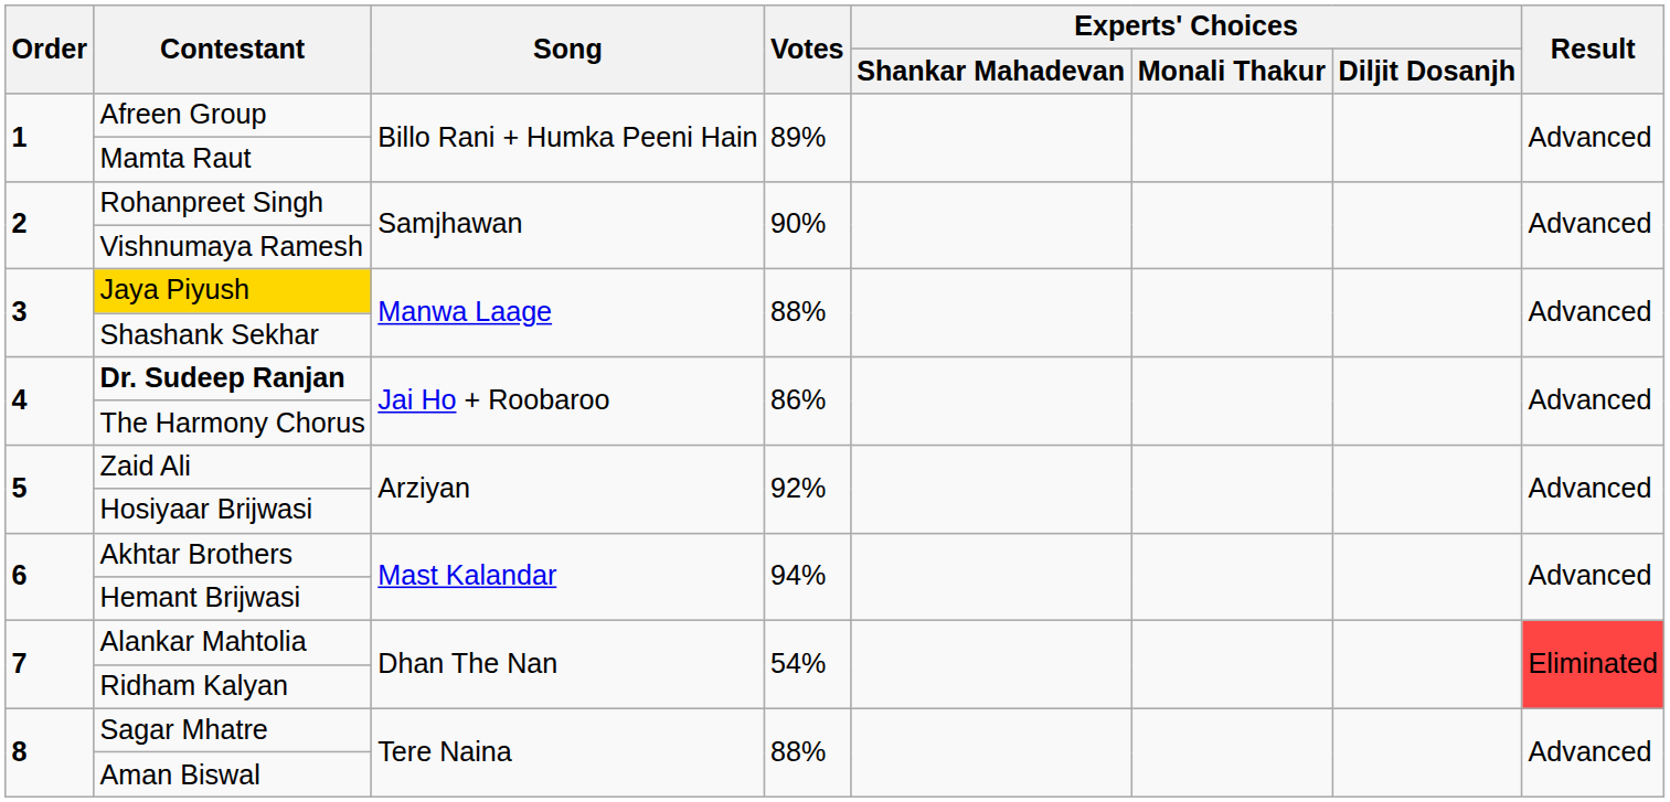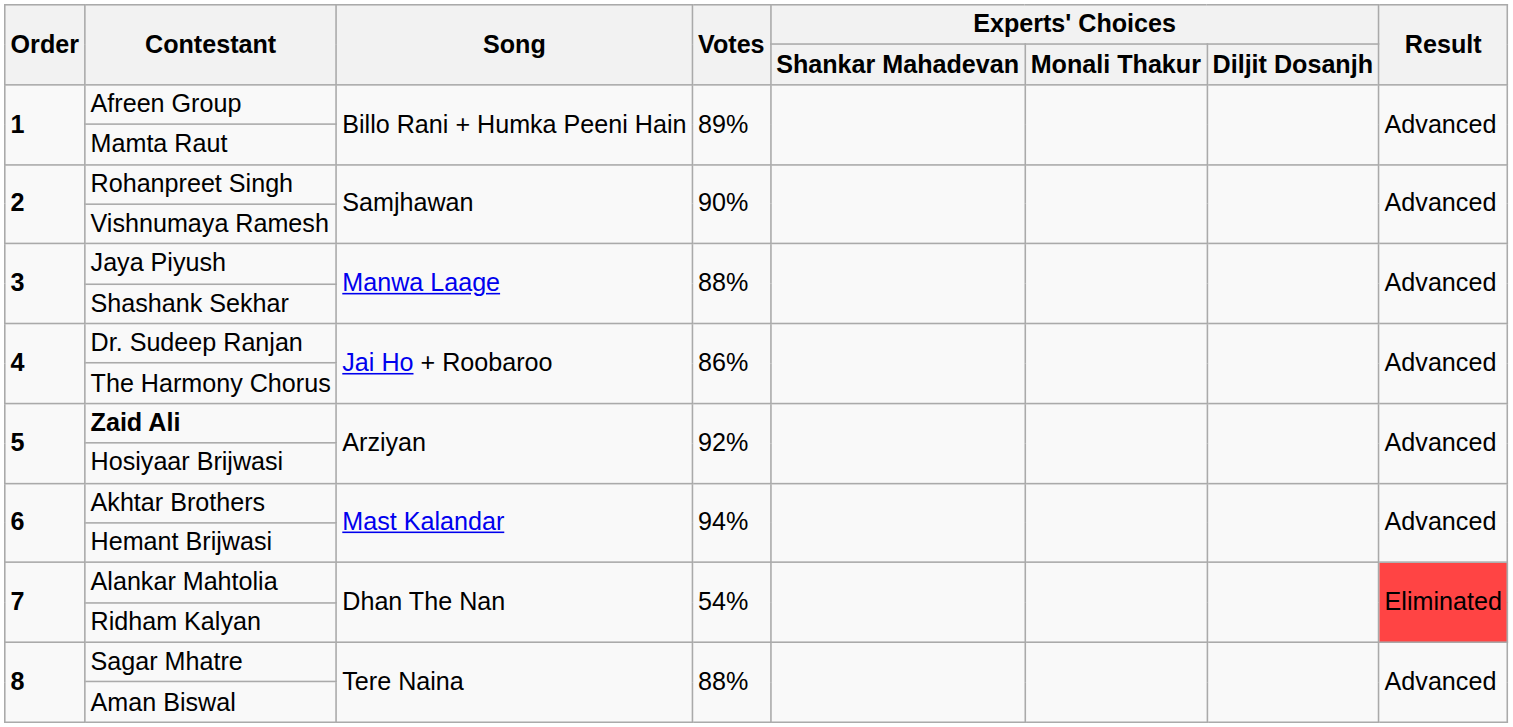 <table class="wikitable sortable mw-collapsible">
 <tr>
 <th rowspan="2">Order</th>
 <th rowspan="2">Contestant</th>
 <th rowspan="2">Song</th>
 <th rowspan="2">Votes</th>
 <th colspan="3">Experts' Choices</th>
 <th rowspan="2">Result</th>
 </tr>
 <tr>
 <th>Shankar Mahadevan</th>
 <th>Monali Thakur</th>
 <th>Diljit Dosanjh</th>
 </tr>
 <tr>
 <td rowspan=2><strong>1</strong></td>
 <td>Afreen Group</td>
 <td rowspan=2>Billo Rani + Humka Peeni Hain</td>
 <td rowspan=2>89%</td>
 <td rowspan=2></td>
 <td rowspan=2></td>
 <td rowspan=2></td>
 <td rowspan=2>Advanced</td>
 </tr>
 <tr>
 <td>Mamta Raut</td>
 </tr>
 <tr>
 <td rowspan=2><strong>2</strong></td>
 <td>Rohanpreet Singh</td>
 <td rowspan=2>Samjhawan</td>
 <td rowspan=2>90%</td>
 <td rowspan=2></td>
 <td rowspan=2></td>
 <td rowspan=2></td>
 <td rowspan=2>Advanced</td>
 </tr>
 <tr>
 <td>Vishnumaya Ramesh</td>
 </tr>
 <tr>
 <td rowspan=2><strong>3</strong></td>
-<td style="background: gold;">Jaya Piyush</td>
+<td>Jaya Piyush</td>
 <td rowspan=2><a href='#'>Manwa Laage</a></td>
 <td rowspan=2>88%</td>
 <td rowspan=2></td>
 <td rowspan=2></td>
 <td rowspan=2></td>
 <td rowspan=2>Advanced</td>
 </tr>
 <tr>
 <td>Shashank Sekhar</td>
 </tr>
 <tr>
 <td rowspan=2><strong>4</strong></td>
-<td><strong>Dr. Sudeep Ranjan</strong></td>
+<td>Dr. Sudeep Ranjan</td>
 <td rowspan=2><a href='#'>Jai Ho</a> + Roobaroo</td>
 <td rowspan=2>86%</td>
 <td rowspan=2></td>
 <td rowspan=2></td>
 <td rowspan=2></td>
 <td rowspan=2>Advanced</td>
 </tr>
 <tr>
 <td>The Harmony Chorus</td>
 </tr>
 <tr>
 <td rowspan=2><strong>5</strong></td>
-<td>Zaid Ali</td>
+<td><strong>Zaid Ali</strong></td>
 <td rowspan=2>Arziyan</td>
 <td rowspan=2>92%</td>
 <td rowspan=2></td>
 <td rowspan=2></td>
 <td rowspan=2></td>
 <td rowspan=2>Advanced</td>
 </tr>
 <tr>
 <td>Hosiyaar Brijwasi</td>
 </tr>
 <tr>
 <td rowspan=2><strong>6</strong></td>
 <td>Akhtar Brothers</td>
 <td rowspan=2><a href='#'>Mast Kalandar</a></td>
 <td rowspan=2>94%</td>
 <td rowspan=2></td>
 <td rowspan=2></td>
 <td rowspan=2></td>
 <td rowspan=2>Advanced</td>
 </tr>
 <tr>
 <td>Hemant Brijwasi</td>
 </tr>
 <tr>
 <td rowspan=2><strong>7</strong></td>
 <td>Alankar Mahtolia</td>
 <td rowspan=2>Dhan The Nan</td>
 <td rowspan=2>54%</td>
 <td rowspan=2></td>
 <td rowspan=2></td>
 <td rowspan=2></td>
 <td rowspan=2 bgcolor="#ff4444">Eliminated</td>
 </tr>
 <tr>
 <td>Ridham Kalyan</td>
 </tr>
 <tr>
 <td rowspan=2><strong>8</strong></td>
 <td>Sagar Mhatre</td>
 <td rowspan=2>Tere Naina</td>
 <td rowspan=2>88%</td>
 <td rowspan=2></td>
 <td rowspan=2></td>
 <td rowspan=2></td>
 <td rowspan=2>Advanced</td>
 </tr>
 <tr>
 <td>Aman Biswal</td>
 </tr>
 </table>
